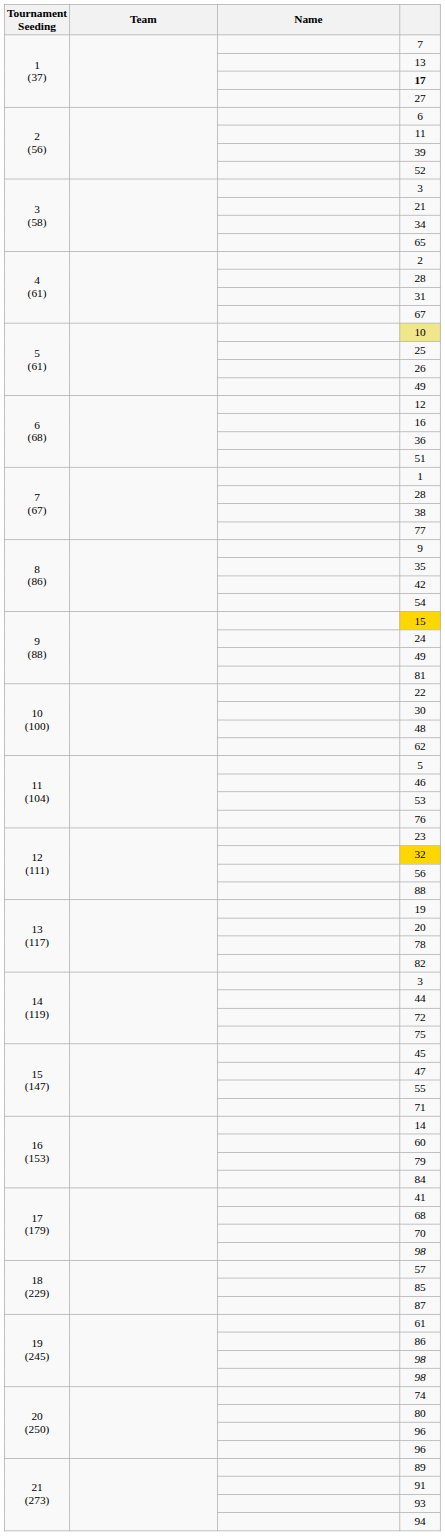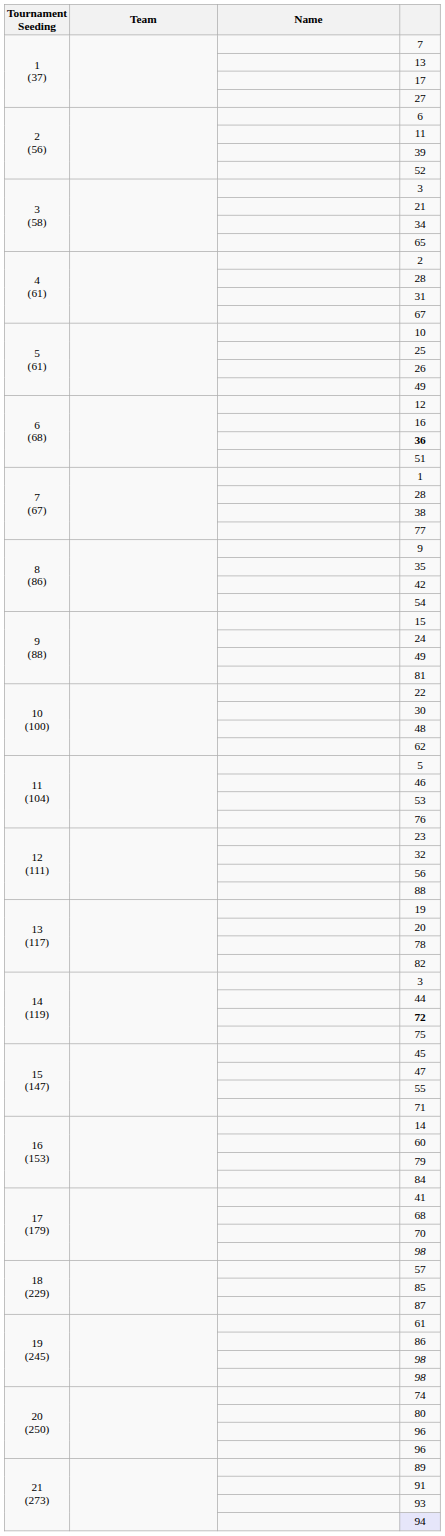 <table class="wikitable" style="text-align:center">
 <tr>
 <th width="50">Tournament Seeding</th>
 <th width="200">Team</th>
 <th width="250">Name</th>
 <th width="50"></th>
 </tr>
 <tr>
 <td rowspan="4">1<br>(37)</td>
 <td rowspan="4" align="left"></td>
 <td align="left"></td>
 <td>7</td>
 </tr>
 <tr>
 <td align="left"></td>
 <td>13</td>
 </tr>
 <tr>
 <td align="left"></td>
-<td><strong>17</strong></td>
+<td>17</td>
 </tr>
 <tr>
 <td align="left"></td>
 <td>27</td>
 </tr>
 <tr>
 <td rowspan="4">2<br>(56)</td>
 <td rowspan="4" align="left"></td>
 <td align="left"></td>
 <td>6</td>
 </tr>
 <tr>
 <td align="left"></td>
 <td>11</td>
 </tr>
 <tr>
 <td align="left"></td>
 <td>39</td>
 </tr>
 <tr>
 <td align="left"></td>
 <td>52</td>
 </tr>
 <tr>
 <td rowspan="4">3<br>(58)</td>
 <td rowspan="4" align="left"></td>
 <td align="left"></td>
 <td>3</td>
 </tr>
 <tr>
 <td align="left"></td>
 <td>21</td>
 </tr>
 <tr>
 <td align="left"></td>
 <td>34</td>
 </tr>
 <tr>
 <td align="left"></td>
 <td>65</td>
 </tr>
 <tr>
 <td rowspan="4">4<br>(61)</td>
 <td rowspan="4" align="left"></td>
 <td align="left"></td>
 <td>2</td>
 </tr>
 <tr>
 <td align="left"></td>
 <td>28</td>
 </tr>
 <tr>
 <td align="left"></td>
 <td>31</td>
 </tr>
 <tr>
 <td align="left"></td>
 <td>67</td>
 </tr>
 <tr>
 <td rowspan="4">5<br>(61)</td>
 <td rowspan="4" align="left"></td>
 <td align="left"></td>
-<td style="background: khaki;">10</td>
+<td>10</td>
 </tr>
 <tr>
 <td align="left"></td>
 <td>25</td>
 </tr>
 <tr>
 <td align="left"></td>
 <td>26</td>
 </tr>
 <tr>
 <td align="left"></td>
 <td>49</td>
 </tr>
 <tr>
 <td rowspan="4">6<br>(68)</td>
 <td rowspan="4" align="left"></td>
 <td align="left"></td>
 <td>12</td>
 </tr>
 <tr>
 <td align="left"></td>
 <td>16</td>
 </tr>
 <tr>
 <td align="left"></td>
-<td>36</td>
+<td><strong>36</strong></td>
 </tr>
 <tr>
 <td align="left"></td>
 <td>51</td>
 </tr>
 <tr>
 <td rowspan="4">7<br>(67)</td>
 <td rowspan="4" align="left"></td>
 <td align="left"></td>
 <td>1</td>
 </tr>
 <tr>
 <td align="left"></td>
 <td>28</td>
 </tr>
 <tr>
 <td align="left"></td>
 <td>38</td>
 </tr>
 <tr>
 <td align="left"></td>
 <td>77</td>
 </tr>
 <tr>
 <td rowspan="4">8<br>(86)</td>
 <td rowspan="4" align="left"></td>
 <td align="left"></td>
 <td>9</td>
 </tr>
 <tr>
 <td align="left"></td>
 <td>35</td>
 </tr>
 <tr>
 <td align="left"></td>
 <td>42</td>
 </tr>
 <tr>
 <td align="left"></td>
 <td>54</td>
 </tr>
 <tr>
 <td rowspan="4">9<br>(88)</td>
 <td rowspan="4" align="left"></td>
 <td align="left"></td>
-<td style="background: gold;">15</td>
+<td>15</td>
 </tr>
 <tr>
 <td align="left"></td>
 <td>24</td>
 </tr>
 <tr>
 <td align="left"></td>
 <td>49</td>
 </tr>
 <tr>
 <td align="left"></td>
 <td>81</td>
 </tr>
 <tr>
 <td rowspan="4">10<br>(100)</td>
 <td rowspan="4" align="left"></td>
 <td align="left"></td>
 <td>22</td>
 </tr>
 <tr>
 <td align="left"></td>
 <td>30</td>
 </tr>
 <tr>
 <td align="left"></td>
 <td>48</td>
 </tr>
 <tr>
 <td align="left"></td>
 <td>62</td>
 </tr>
 <tr>
 <td rowspan="4">11<br>(104)</td>
 <td rowspan="4" align="left"></td>
 <td align="left"></td>
 <td>5</td>
 </tr>
 <tr>
 <td align="left"></td>
 <td>46</td>
 </tr>
 <tr>
 <td align="left"></td>
 <td>53</td>
 </tr>
 <tr>
 <td align="left"></td>
 <td>76</td>
 </tr>
 <tr>
 <td rowspan="4">12<br>(111)</td>
 <td rowspan="4" align="left"></td>
 <td align="left"></td>
 <td>23</td>
 </tr>
 <tr>
 <td align="left"></td>
-<td style="background: gold;">32</td>
+<td>32</td>
 </tr>
 <tr>
 <td align="left"></td>
 <td>56</td>
 </tr>
 <tr>
 <td align="left"></td>
 <td>88</td>
 </tr>
 <tr>
 <td rowspan="4">13<br>(117)</td>
 <td rowspan="4" align="left"></td>
 <td align="left"></td>
 <td>19</td>
 </tr>
 <tr>
 <td align="left"></td>
 <td>20</td>
 </tr>
 <tr>
 <td align="left"></td>
 <td>78</td>
 </tr>
 <tr>
 <td align="left"></td>
 <td>82</td>
 </tr>
 <tr>
 <td rowspan="4">14<br>(119)</td>
 <td rowspan="4" align="left"></td>
 <td align="left"></td>
 <td>3</td>
 </tr>
 <tr>
 <td align="left"></td>
 <td>44</td>
 </tr>
 <tr>
 <td align="left"></td>
-<td>72</td>
+<td><strong>72</strong></td>
 </tr>
 <tr>
 <td align="left"></td>
 <td>75</td>
 </tr>
 <tr>
 <td rowspan="4">15<br>(147)</td>
 <td rowspan="4" align="left"></td>
 <td align="left"></td>
 <td>45</td>
 </tr>
 <tr>
 <td align="left"></td>
 <td>47</td>
 </tr>
 <tr>
 <td align="left"></td>
 <td>55</td>
 </tr>
 <tr>
 <td align="left"></td>
 <td>71</td>
 </tr>
 <tr>
 <td rowspan="4">16<br>(153)</td>
 <td rowspan="4" align="left"></td>
 <td align="left"></td>
 <td>14</td>
 </tr>
 <tr>
 <td align="left"></td>
 <td>60</td>
 </tr>
 <tr>
 <td align="left"></td>
 <td>79</td>
 </tr>
 <tr>
 <td align="left"></td>
 <td>84</td>
 </tr>
 <tr>
 <td rowspan="4">17<br>(179)</td>
 <td rowspan="4" align="left"></td>
 <td align="left"></td>
 <td>41</td>
 </tr>
 <tr>
 <td align="left"></td>
 <td>68</td>
 </tr>
 <tr>
 <td align="left"></td>
 <td>70</td>
 </tr>
 <tr>
 <td align="left"><em></em></td>
 <td><em>98</em></td>
 </tr>
 <tr>
 <td rowspan="3">18<br>(229)</td>
 <td rowspan="3" align="left"></td>
 <td align="left"></td>
 <td>57</td>
 </tr>
 <tr>
 <td align="left"></td>
 <td>85</td>
 </tr>
 <tr>
 <td align="left"></td>
 <td>87</td>
 </tr>
 <tr>
 <td rowspan="4">19<br>(245)</td>
 <td rowspan="4" align="left"></td>
 <td align="left"></td>
 <td>61</td>
 </tr>
 <tr>
 <td align="left"></td>
 <td>86</td>
 </tr>
 <tr>
 <td align="left"><em></em></td>
 <td><em>98</em></td>
 </tr>
 <tr>
 <td align="left"><em></em></td>
 <td><em>98</em></td>
 </tr>
 <tr>
 <td rowspan="4">20<br>(250)</td>
 <td rowspan="4" align="left"></td>
 <td align="left"></td>
 <td>74</td>
 </tr>
 <tr>
 <td align="left"></td>
 <td>80</td>
 </tr>
 <tr>
 <td align="left"></td>
 <td>96</td>
 </tr>
 <tr>
 <td align="left"></td>
 <td>96</td>
 </tr>
 <tr>
 <td rowspan="4">21<br>(273)</td>
 <td rowspan="4" align="left"></td>
 <td align="left"></td>
 <td>89</td>
 </tr>
 <tr>
 <td align="left"></td>
 <td>91</td>
 </tr>
 <tr>
 <td align="left"></td>
 <td>93</td>
 </tr>
 <tr>
 <td align="left"></td>
-<td>94</td>
+<td style="background: lavender;">94</td>
 </tr>
 </table>
